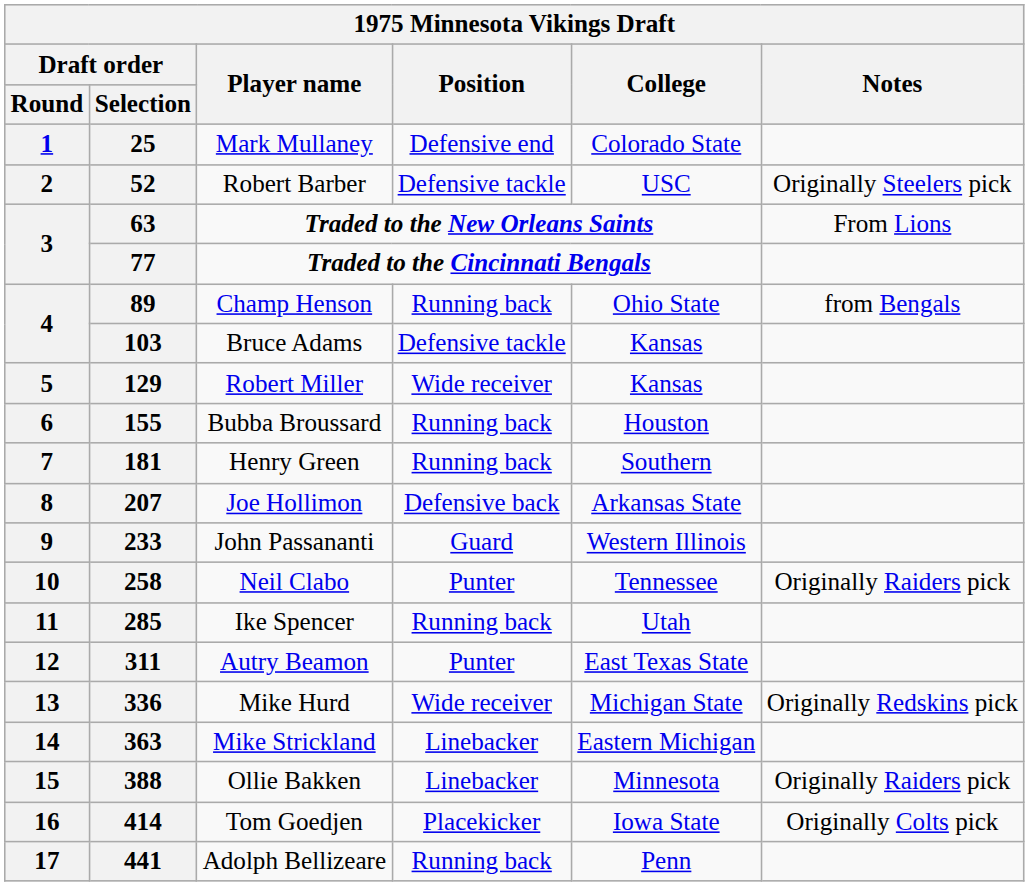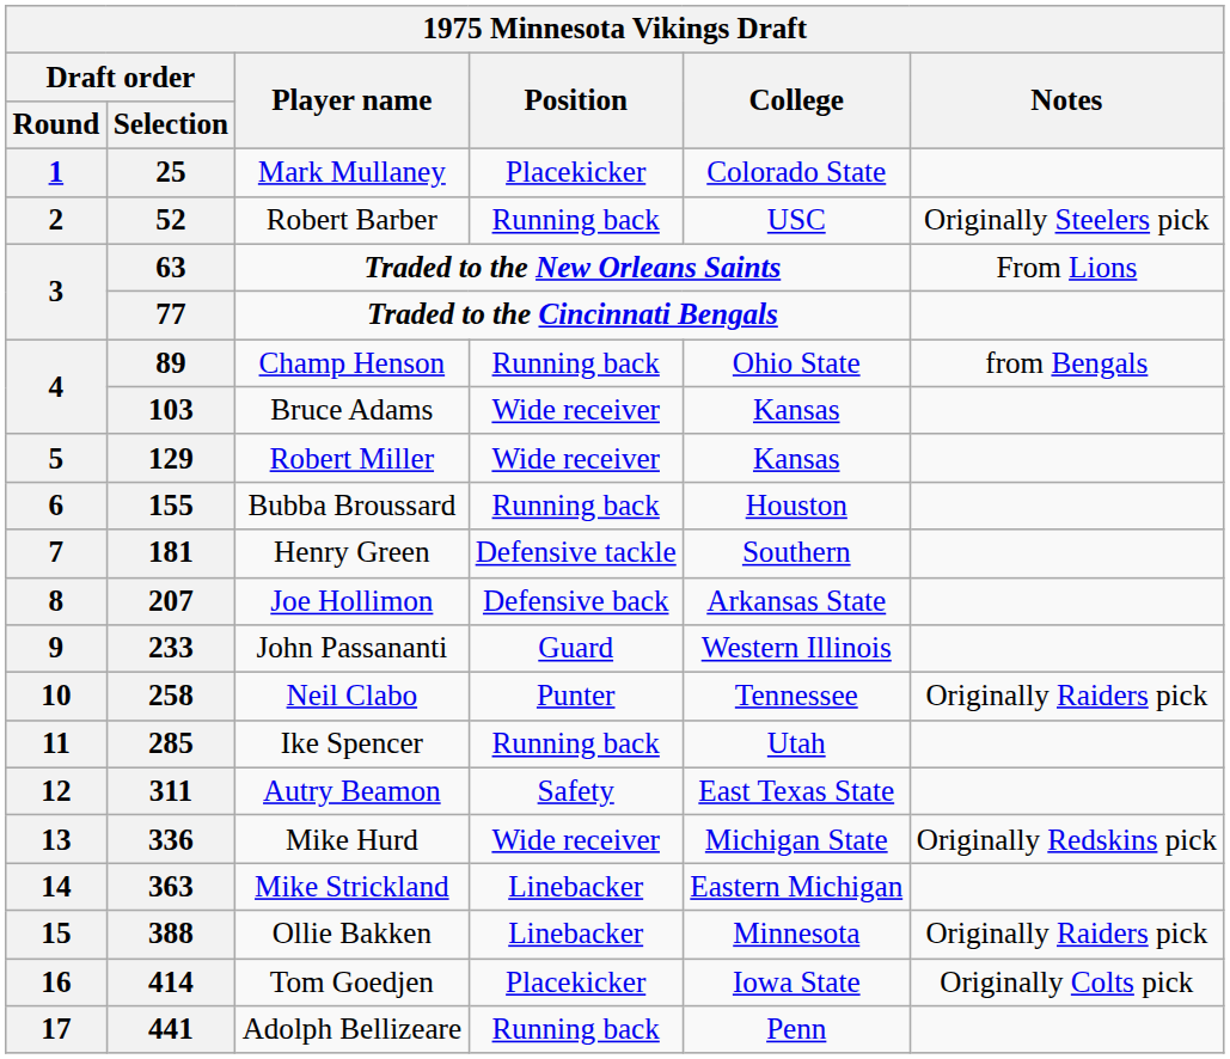 <table class="wikitable" style="text-align:center">
 <tr>
 <th colspan="6">1975 Minnesota Vikings Draft</th>
 </tr>
 <tr>
 <th colspan="2">Draft order</th>
 <th rowspan="2">Player name</th>
 <th rowspan="2">Position</th>
 <th rowspan="2">College</th>
 <th rowspan="2">Notes</th>
 </tr>
 <tr>
 <th>Round</th>
 <th>Selection</th>
 </tr>
 <tr>
 <th><a href='#'>1</a></th>
 <th>25</th>
 <td><a href='#'>Mark Mullaney</a></td>
-<td><a href='#'>Defensive end</a></td>
+<td><a href='#'>Placekicker</a></td>
 <td><a href='#'>Colorado State</a></td>
 <td></td>
 </tr>
 <tr>
 <th>2</th>
 <th>52</th>
 <td>Robert Barber</td>
-<td><a href='#'>Defensive tackle</a></td>
+<td><a href='#'>Running back</a></td>
 <td><a href='#'>USC</a></td>
 <td>Originally <a href='#'>Steelers</a> pick</td>
 </tr>
 <tr>
 <th rowspan="2">3</th>
 <th>63</th>
 <td colspan="3"><strong><em>Traded to the <a href='#'>New Orleans Saints</a></em></strong></td>
 <td>From <a href='#'>Lions</a></td>
 </tr>
 <tr>
 <th>77</th>
 <td colspan="3"><strong><em>Traded to the <a href='#'>Cincinnati Bengals</a></em></strong></td>
 <td></td>
 </tr>
 <tr>
 <th rowspan="2">4</th>
 <th>89</th>
 <td><a href='#'>Champ Henson</a></td>
 <td><a href='#'>Running back</a></td>
 <td><a href='#'>Ohio State</a></td>
 <td>from <a href='#'>Bengals</a></td>
 </tr>
 <tr>
 <th>103</th>
 <td>Bruce Adams</td>
-<td><a href='#'>Defensive tackle</a></td>
+<td><a href='#'>Wide receiver</a></td>
 <td><a href='#'>Kansas</a></td>
 <td></td>
 </tr>
 <tr>
 <th>5</th>
 <th>129</th>
 <td><a href='#'>Robert Miller</a></td>
 <td><a href='#'>Wide receiver</a></td>
 <td><a href='#'>Kansas</a></td>
 <td></td>
 </tr>
 <tr>
 <th>6</th>
 <th>155</th>
 <td>Bubba Broussard</td>
 <td><a href='#'>Running back</a></td>
 <td><a href='#'>Houston</a></td>
 <td></td>
 </tr>
 <tr>
 <th>7</th>
 <th>181</th>
 <td>Henry Green</td>
-<td><a href='#'>Running back</a></td>
+<td><a href='#'>Defensive tackle</a></td>
 <td><a href='#'>Southern</a></td>
 <td></td>
 </tr>
 <tr>
 <th>8</th>
 <th>207</th>
 <td><a href='#'>Joe Hollimon</a></td>
 <td><a href='#'>Defensive back</a></td>
 <td><a href='#'>Arkansas State</a></td>
 <td></td>
 </tr>
 <tr>
 <th>9</th>
 <th>233</th>
 <td>John Passananti</td>
 <td><a href='#'>Guard</a></td>
 <td><a href='#'>Western Illinois</a></td>
 <td></td>
 </tr>
 <tr>
 <th>10</th>
 <th>258</th>
 <td><a href='#'>Neil Clabo</a></td>
 <td><a href='#'>Punter</a></td>
 <td><a href='#'>Tennessee</a></td>
 <td>Originally <a href='#'>Raiders</a> pick</td>
 </tr>
 <tr>
 <th>11</th>
 <th>285</th>
 <td>Ike Spencer</td>
 <td><a href='#'>Running back</a></td>
 <td><a href='#'>Utah</a></td>
 <td></td>
 </tr>
 <tr>
 <th>12</th>
 <th>311</th>
 <td><a href='#'>Autry Beamon</a></td>
-<td><a href='#'>Punter</a></td>
+<td><a href='#'>Safety</a></td>
 <td><a href='#'>East Texas State</a></td>
 <td></td>
 </tr>
 <tr>
 <th>13</th>
 <th>336</th>
 <td>Mike Hurd</td>
 <td><a href='#'>Wide receiver</a></td>
 <td><a href='#'>Michigan State</a></td>
 <td>Originally <a href='#'>Redskins</a> pick</td>
 </tr>
 <tr>
 <th>14</th>
 <th>363</th>
 <td><a href='#'>Mike Strickland</a></td>
 <td><a href='#'>Linebacker</a></td>
 <td><a href='#'>Eastern Michigan</a></td>
 <td></td>
 </tr>
 <tr>
 <th>15</th>
 <th>388</th>
 <td>Ollie Bakken</td>
 <td><a href='#'>Linebacker</a></td>
 <td><a href='#'>Minnesota</a></td>
 <td>Originally <a href='#'>Raiders</a> pick</td>
 </tr>
 <tr>
 <th>16</th>
 <th>414</th>
 <td>Tom Goedjen</td>
 <td><a href='#'>Placekicker</a></td>
 <td><a href='#'>Iowa State</a></td>
 <td>Originally <a href='#'>Colts</a> pick</td>
 </tr>
 <tr>
 <th>17</th>
 <th>441</th>
 <td>Adolph Bellizeare</td>
 <td><a href='#'>Running back</a></td>
 <td><a href='#'>Penn</a></td>
 <td></td>
 </tr>
 </table>
